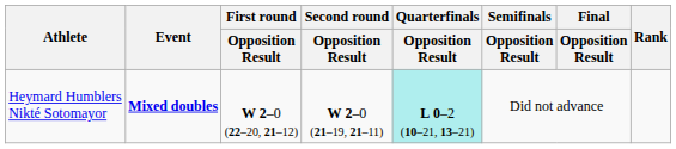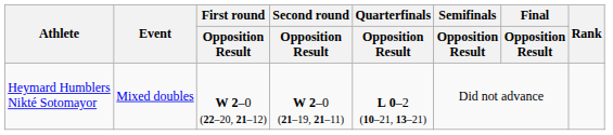 <table class="wikitable" style="font-size:90%">
 <tr>
 <th rowspan="2">Athlete</th>
 <th rowspan="2">Event</th>
 <th>First round</th>
 <th>Second round</th>
 <th>Quarterfinals</th>
 <th>Semifinals</th>
 <th>Final</th>
 <th rowspan="2">Rank</th>
 </tr>
 <tr>
 <th>Opposition<br>Result</th>
 <th>Opposition<br>Result</th>
 <th>Opposition<br>Result</th>
 <th>Opposition<br>Result</th>
 <th>Opposition<br>Result</th>
 </tr>
 <tr>
 <td><a href='#'>Heymard Humblers</a><br><a href='#'>Nikté Sotomayor</a></td>
-<td><strong><a href='#'>Mixed doubles</a></strong></td>
+<td><a href='#'>Mixed doubles</a></td>
 <td align=center><br><br> <strong>W</strong> <strong>2</strong>–0<br><small>(<strong>22</strong>–20, <strong>21</strong>–12)</small></td>
 <td align=center><br><br> <strong>W</strong> <strong>2</strong>–0<br><small>(<strong>21</strong>–19, <strong>21</strong>–11)</small></td>
-<td align=center style="background: paleturquoise;"><br><br> <strong>L</strong> <strong>0</strong>–2<br><small>(<strong>10</strong>–21, <strong>13</strong>–21)</small></td>
+<td align=center><br><br> <strong>L</strong> <strong>0</strong>–2<br><small>(<strong>10</strong>–21, <strong>13</strong>–21)</small></td>
 <td align=center colspan=2>Did not advance</td>
 <td align=center></td>
 </tr>
 </table>
